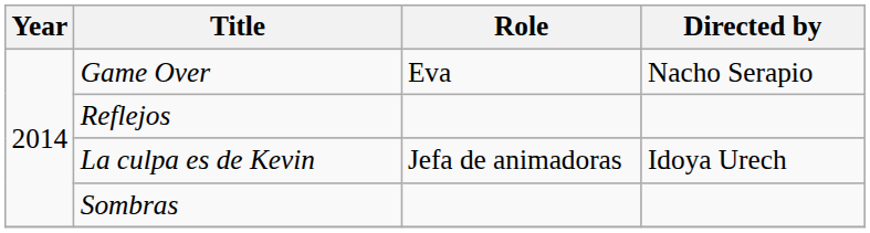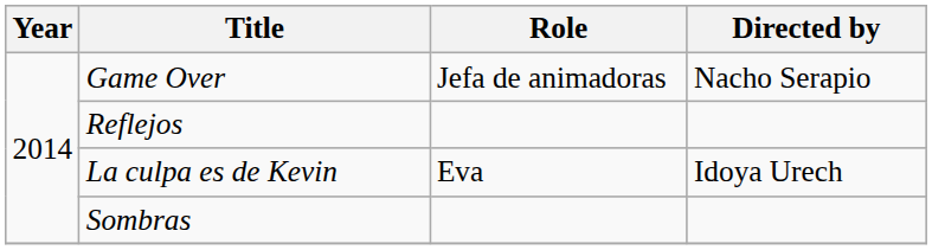 <table class="wikitable">
 <tr>
 <th>Year</th>
 <th width="180 px">Title</th>
 <th width="130 px">Role</th>
 <th width="120 px">Directed by</th>
 </tr>
 <tr>
 <td rowspan="4">2014</td>
 <td><em>Game Over</em></td>
-<td>Eva</td>
+<td>Jefa de animadoras</td>
 <td>Nacho Serapio</td>
 </tr>
 <tr>
 <td><em>Reflejos</em></td>
 <td></td>
 <td></td>
 </tr>
 <tr>
 <td><em>La culpa es de Kevin</em></td>
-<td>Jefa de animadoras</td>
+<td>Eva</td>
 <td>Idoya Urech</td>
 </tr>
 <tr>
 <td><em>Sombras</em></td>
 <td></td>
 <td></td>
 </tr>
 <tr>
 </tr>
 </table>
